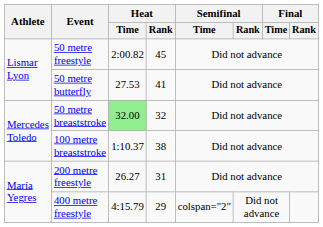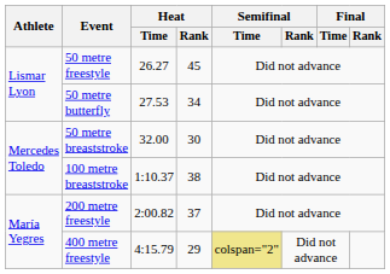 <table class="wikitable" style="text-align:center; font-size:90%; width:50%;">
 <tr>
 <th rowspan="2">Athlete</th>
 <th rowspan="2">Event</th>
 <th colspan="2">Heat</th>
 <th colspan="2">Semifinal</th>
 <th colspan="2">Final</th>
 </tr>
 <tr style="font-size:95%">
 <th>Time</th>
 <th>Rank</th>
 <th>Time</th>
 <th>Rank</th>
 <th>Time</th>
 <th>Rank</th>
 </tr>
 <tr>
 <td align=left rowspan=2><a href='#'>Lismar Lyon</a></td>
 <td align=left><a href='#'>50 metre freestyle</a></td>
-<td>2:00.82</td>
+<td>26.27</td>
 <td>45</td>
 <td colspan=4>Did not advance</td>
 </tr>
 <tr>
 <td align=left><a href='#'>50 metre butterfly</a></td>
 <td>27.53</td>
-<td>41</td>
+<td>34</td>
 <td colspan=4>Did not advance</td>
 </tr>
 <tr>
 <td align=left rowspan=2><a href='#'>Mercedes Toledo</a></td>
 <td align=left><a href='#'>50 metre breaststroke</a></td>
-<td style="background: lightgreen;">32.00</td>
-<td>32</td>
+<td>32.00</td>
+<td>30</td>
 <td colspan=4>Did not advance</td>
 </tr>
 <tr>
 <td align=left><a href='#'>100 metre breaststroke</a></td>
 <td>1:10.37</td>
 <td>38</td>
 <td colspan=4>Did not advance</td>
 </tr>
 <tr align=center>
 <td align=left rowspan="2"><a href='#'>María Yegres</a></td>
 <td align=left><a href='#'>200 metre freestyle</a></td>
-<td>26.27</td>
-<td>31</td>
+<td>2:00.82</td>
+<td>37</td>
 <td colspan=4>Did not advance</td>
 </tr>
 <tr align=center>
 <td align=left><a href='#'>400 metre freestyle</a></td>
 <td>4:15.79</td>
 <td>29</td>
-<td>colspan="2" </td>
+<td style="background: khaki;">colspan="2" </td>
 <td colspan="2">Did not advance</td>
 </tr>
 </table>
